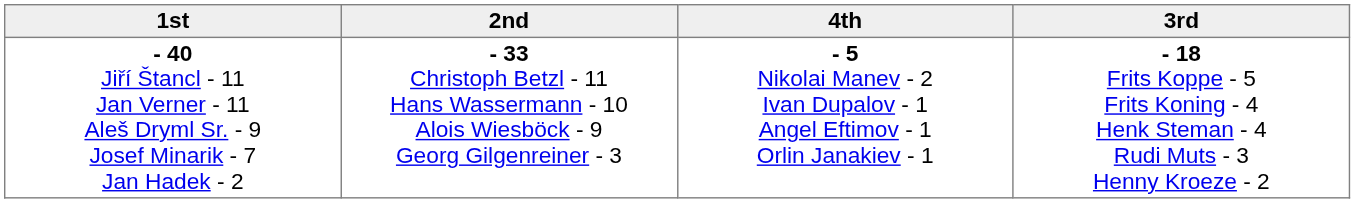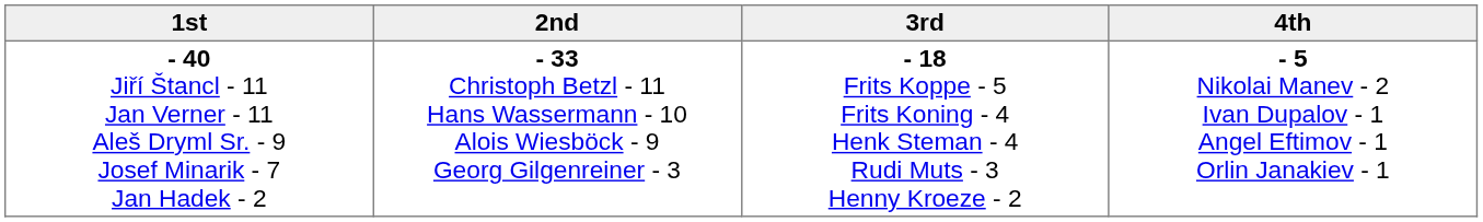 <table border=1 cellpadding=2 cellspacing=0 width=75% style="border-collapse:collapse">
 <tr align=center style="background:#efefef;">
 <th width=20% >1st</th>
 <th width=20% >2nd</th>
+<th width=20% >3rd</th>
 <th width=20%>4th</th>
-<th width=20% >3rd</th>
 </tr>
 <tr align=center>
 <td valign=top ><strong> - 40</strong><br><a href='#'>Jiří Štancl</a> - 11<br><a href='#'>Jan Verner</a> - 11<br><a href='#'>Aleš Dryml Sr.</a> - 9<br><a href='#'>Josef Minarik</a> - 7<br><a href='#'>Jan Hadek</a> - 2</td>
 <td valign=top ><strong> - 33</strong><br><a href='#'>Christoph Betzl</a> - 11<br><a href='#'>Hans Wassermann</a> - 10<br><a href='#'>Alois Wiesböck</a> - 9<br><a href='#'>Georg Gilgenreiner</a> - 3</td>
+<td valign=top ><strong> - 18</strong><br><a href='#'>Frits Koppe</a> - 5<br><a href='#'>Frits Koning</a> - 4<br><a href='#'>Henk Steman</a> - 4<br><a href='#'>Rudi Muts</a> - 3<br><a href='#'>Henny Kroeze</a> - 2</td>
 <td valign=top><strong> - 5</strong><br><a href='#'>Nikolai Manev</a> - 2<br><a href='#'>Ivan Dupalov</a> - 1<br><a href='#'>Angel Eftimov</a> - 1<br><a href='#'>Orlin Janakiev</a>  - 1</td>
-<td valign=top ><strong> - 18</strong><br><a href='#'>Frits Koppe</a> - 5<br><a href='#'>Frits Koning</a> - 4<br><a href='#'>Henk Steman</a> - 4<br><a href='#'>Rudi Muts</a> - 3<br><a href='#'>Henny Kroeze</a> - 2</td>
 </tr>
 </table>
